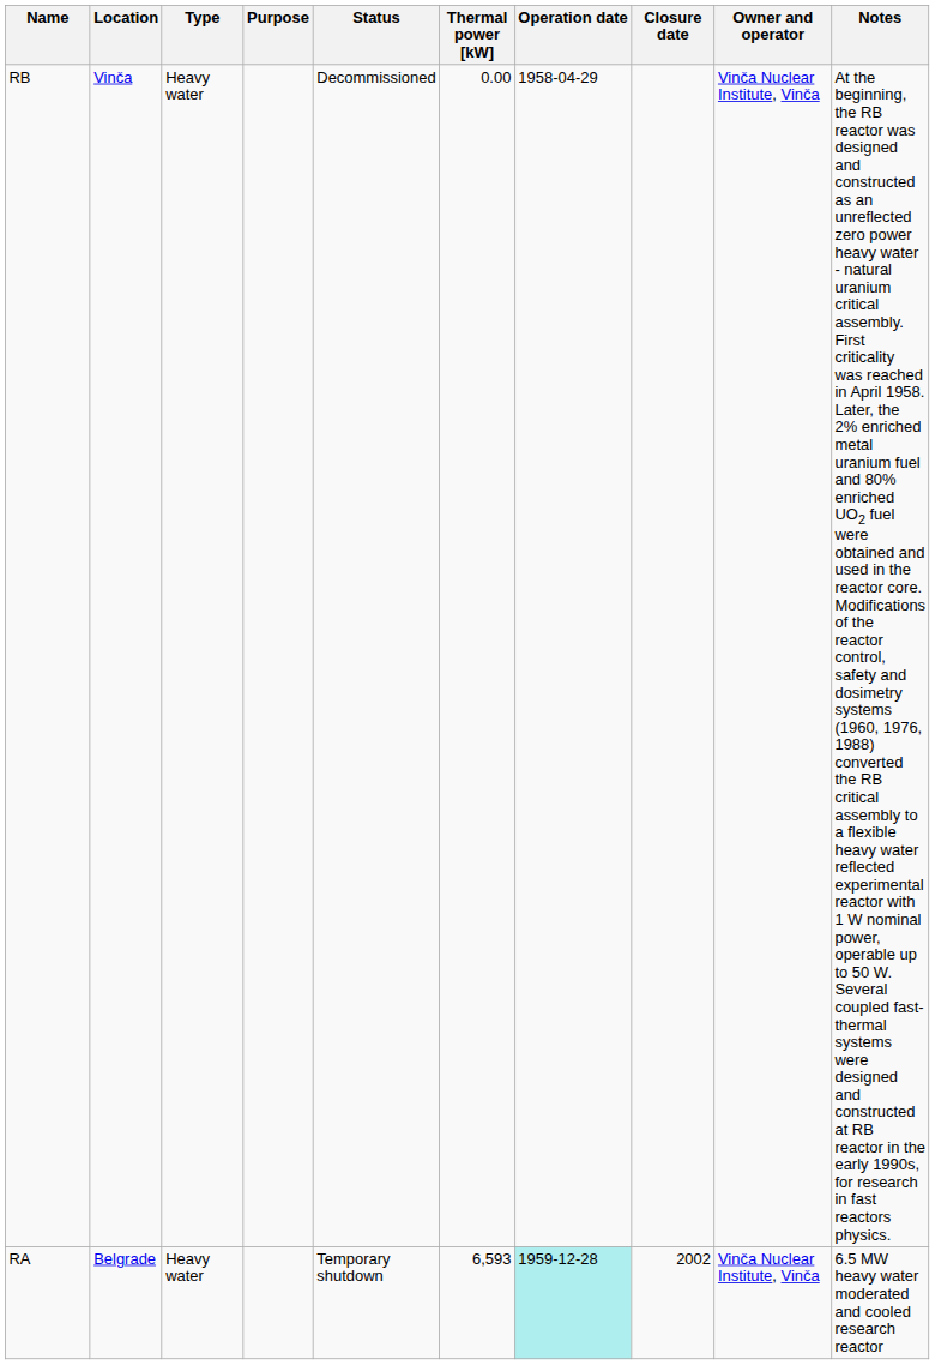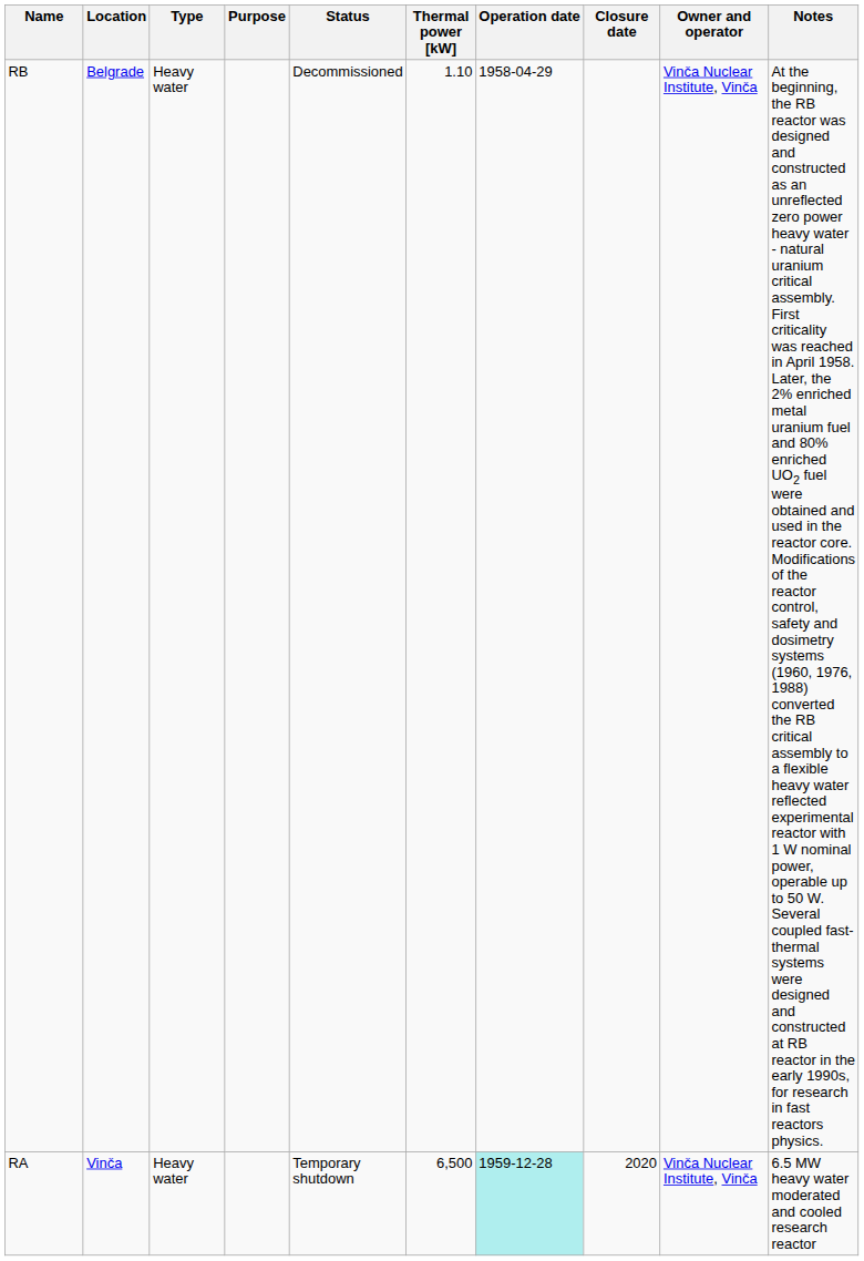 <table class="wikitable" >
 <tr valign="top">
 <th width="80">Name</th>
 <th width="65">Location</th>
 <th width="76">Type</th>
 <th width="65">Purpose</th>
 <th width="91">Status</th>
 <th width="70“">Thermal power [kW]</th>
 <th width=„67“>Operation date</th>
 <th width="78“">Closure date</th>
 <th width="113“">Owner and operator</th>
 <th width="65">Notes</th>
 </tr>
 <tr valign="top">
 <td>RB</td>
-<td><a href='#'>Vinča</a></td>
+<td><a href='#'>Belgrade</a></td>
 <td>Heavy water</td>
 <td></td>
 <td>Decommissioned</td>
-<td align="right">0.00</td>
+<td align="right">1.10</td>
 <td>1958-04-29</td>
 <td></td>
 <td><a href='#'>Vinča Nuclear Institute</a>, <a href='#'>Vinča</a></td>
 <td>At the beginning, the RB reactor was designed and constructed as an unreflected zero power heavy water - natural uranium critical assembly. First criticality was reached in April 1958. Later, the 2% enriched metal uranium fuel and 80% enriched UO<sub>2</sub> fuel were obtained and used in the reactor core. Modifications of the reactor control, safety and dosimetry systems (1960, 1976, 1988) converted the RB critical assembly to a flexible heavy water reflected experimental reactor with 1 W nominal power, operable up to 50 W. Several coupled fast-thermal systems were designed and constructed at RB reactor in the early 1990s, for research in fast reactors physics.</td>
 </tr>
 <tr valign="top">
 <td>RA</td>
-<td><a href='#'>Belgrade</a></td>
+<td><a href='#'>Vinča</a></td>
 <td>Heavy water</td>
 <td></td>
 <td>Temporary shutdown</td>
-<td align="right">6,593</td>
+<td align="right">6,500</td>
 <td style="background: paleturquoise;">1959-12-28</td>
-<td align="right">2002</td>
+<td align="right">2020</td>
 <td><a href='#'>Vinča Nuclear Institute</a>, <a href='#'>Vinča</a></td>
 <td>6.5 MW heavy water moderated and cooled research reactor</td>
 </tr>
 </table>
